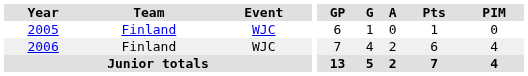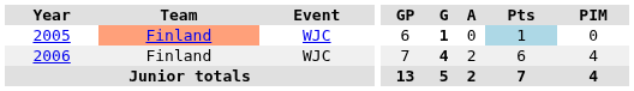 <table border="0" cellpadding="1" cellspacing="0" ID="Table3" style="text-align:center; width:40em">
 <tr ALIGN="center" bgcolor="#e0e0e0">
 <th>Year</th>
 <th>Team</th>
 <th>Event</th>
 <th rowspan="99" bgcolor="#ffffff"></th>
 <th>GP</th>
 <th>G</th>
 <th>A</th>
 <th>Pts</th>
 <th>PIM</th>
 </tr>
 <tr>
 <td><a href='#'>2005</a></td>
-<td><a href='#'>Finland</a></td>
+<td style="background: lightsalmon;"><a href='#'>Finland</a></td>
 <td><a href='#'>WJC</a></td>
 <td>6</td>
-<td>1</td>
+<td><strong>1</strong></td>
 <td>0</td>
-<td>1</td>
+<td style="background: lightblue;">1</td>
 <td>0</td>
 </tr>
 <tr bgcolor="#f0f0f0">
 <td><a href='#'>2006</a></td>
 <td>Finland</td>
 <td>WJC</td>
 <td>7</td>
-<td>4</td>
+<td><strong>4</strong></td>
 <td>2</td>
 <td>6</td>
 <td>4</td>
 </tr>
 <tr bgcolor="#e0e0e0">
 <th colspan="3">Junior totals</th>
 <th>13</th>
 <th>5</th>
 <th>2</th>
 <th>7</th>
 <th>4</th>
 </tr>
 </table>
